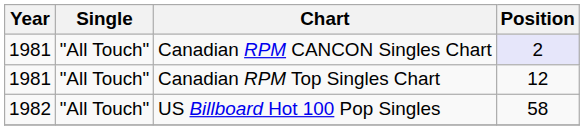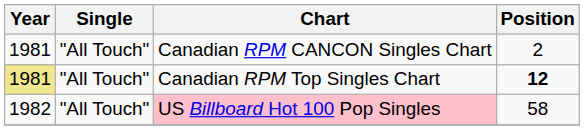 <table class="wikitable">
 <tr>
 <th>Year</th>
 <th>Single</th>
 <th>Chart</th>
 <th>Position</th>
 </tr>
 <tr>
 <td align="center">1981</td>
 <td>"All Touch"</td>
 <td>Canadian <em><a href='#'>RPM</a></em> CANCON Singles Chart</td>
-<td align="center" style="background: lavender;">2</td>
+<td align="center">2</td>
 </tr>
 <tr>
-<td align="center">1981</td>
+<td align="center" style="background: khaki;">1981</td>
 <td>"All Touch"</td>
 <td>Canadian <em>RPM</em> Top Singles Chart</td>
-<td align="center">12</td>
+<td align="center"><strong>12</strong></td>
 </tr>
 <tr>
 <td align="center">1982</td>
 <td>"All Touch"</td>
-<td>US <a href='#'><em>Billboard</em> Hot 100</a> Pop Singles</td>
+<td style="background: pink;">US <a href='#'><em>Billboard</em> Hot 100</a> Pop Singles</td>
 <td align="center">58</td>
 </tr>
 <tr>
 </tr>
 </table>
